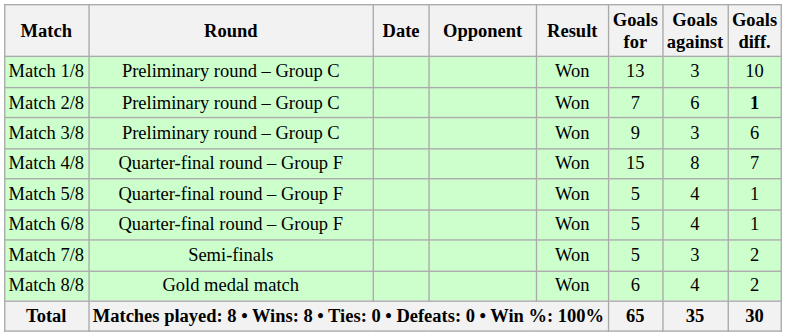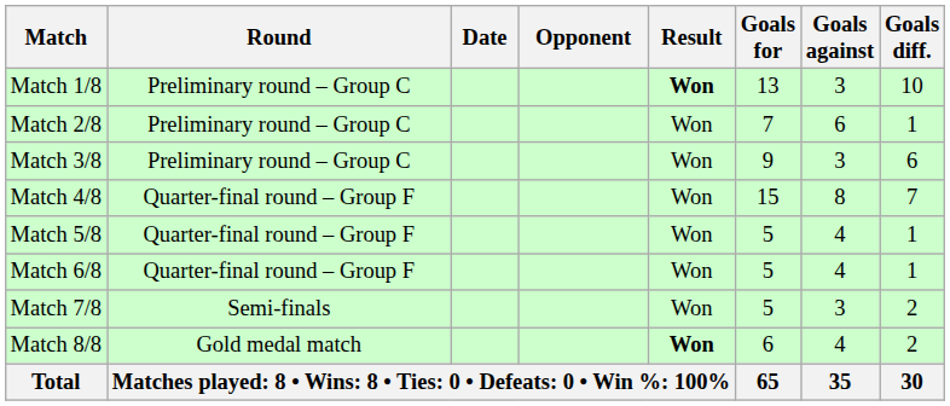 <table class="wikitable sortable" style="text-align: center; font-size: 85%; margin-left: 1em;">
 <tr>
 <th>Match</th>
 <th>Round</th>
 <th>Date</th>
 <th>Opponent</th>
 <th>Result</th>
 <th>Goals<br>for</th>
 <th>Goals<br>against</th>
 <th>Goals<br>diff.</th>
 </tr>
 <tr style="background-color: #ccffcc;">
 <td>Match 1/8</td>
 <td>Preliminary round – Group C</td>
 <td style="text-align: right;"></td>
 <td style="text-align: left;"></td>
-<td>Won</td>
+<td><strong>Won</strong></td>
 <td>13</td>
 <td>3</td>
 <td>10</td>
 </tr>
 <tr style="background-color: #ccffcc;">
 <td>Match 2/8</td>
 <td>Preliminary round – Group C</td>
 <td style="text-align: right;"></td>
 <td style="text-align: left;"></td>
 <td>Won</td>
 <td>7</td>
 <td>6</td>
-<td><strong>1</strong></td>
+<td>1</td>
 </tr>
 <tr style="background-color: #ccffcc;">
 <td>Match 3/8</td>
 <td>Preliminary round – Group C</td>
 <td style="text-align: right;"></td>
 <td style="text-align: left;"></td>
 <td>Won</td>
 <td>9</td>
 <td>3</td>
 <td>6</td>
 </tr>
 <tr style="background-color: #ccffcc;">
 <td>Match 4/8</td>
 <td>Quarter-final round – Group F</td>
 <td style="text-align: right;"></td>
 <td style="text-align: left;"></td>
 <td>Won</td>
 <td>15</td>
 <td>8</td>
 <td>7</td>
 </tr>
 <tr style="background-color: #ccffcc;">
 <td>Match 5/8</td>
 <td>Quarter-final round – Group F</td>
 <td style="text-align: right;"></td>
 <td style="text-align: left;"></td>
 <td>Won</td>
 <td>5</td>
 <td>4</td>
 <td>1</td>
 </tr>
 <tr style="background-color: #ccffcc;">
 <td>Match 6/8</td>
 <td>Quarter-final round – Group F</td>
 <td style="text-align: right;"></td>
 <td style="text-align: left;"></td>
 <td>Won</td>
 <td>5</td>
 <td>4</td>
 <td>1</td>
 </tr>
 <tr style="background-color: #ccffcc;">
 <td>Match 7/8</td>
 <td>Semi-finals</td>
 <td style="text-align: right;"></td>
 <td style="text-align: left;"></td>
 <td>Won</td>
 <td>5</td>
 <td>3</td>
 <td>2</td>
 </tr>
 <tr style="background-color: #ccffcc;">
 <td>Match 8/8</td>
 <td>Gold medal match</td>
 <td style="text-align: right;"></td>
 <td style="text-align: left;"></td>
-<td>Won</td>
+<td><strong>Won</strong></td>
 <td>6</td>
 <td>4</td>
 <td>2</td>
 </tr>
 <tr>
 <th>Total</th>
 <th colspan="4">Matches played: 8 • Wins: 8 • Ties: 0 • Defeats: 0 • Win %: 100%</th>
 <th>65</th>
 <th>35</th>
 <th>30</th>
 </tr>
 </table>
